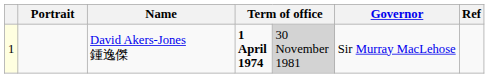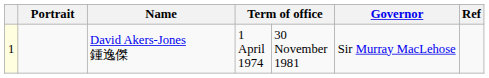 <table class="wikitable"  style="text-align:left">
 <tr>
 <th width=10px></th>
 <th width=80px>Portrait</th>
 <th width=180px>Name</th>
 <th width=180px colspan=2>Term of office</th>
 <th width=150px><a href='#'>Governor</a></th>
 <th>Ref</th>
 </tr>
 <tr>
 <td align=center style="background: lightyellow;">1</td>
 <td></td>
 <td><a href='#'>David Akers-Jones</a><br>鍾逸傑</td>
-<td><strong>1 April 1974</strong></td>
-<td style="background: lightgrey;">30 November 1981</td>
+<td>1 April 1974</td>
+<td>30 November 1981</td>
 <td>Sir <a href='#'>Murray MacLehose</a><br></td>
 <td></td>
 </tr>
 </table>
